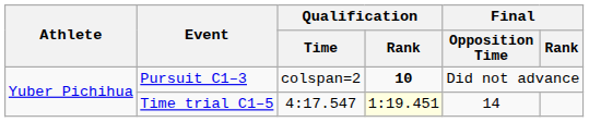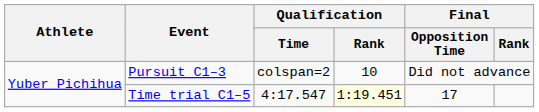 <table class=wikitable style="font-size:90%">
 <tr>
 <th rowspan="2">Athlete</th>
 <th rowspan="2">Event</th>
 <th colspan="2">Qualification</th>
 <th colspan="2">Final</th>
 </tr>
 <tr style="font-size:95%">
 <th>Time</th>
 <th>Rank</th>
 <th>Opposition<br>Time</th>
 <th>Rank</th>
 </tr>
 <tr align=center>
 <td align=left rowspan=2><a href='#'>Yuber Pichihua</a></td>
 <td align=left><a href='#'>Pursuit C1–3</a></td>
 <td>colspan=2 </td>
-<td><strong>10</strong></td>
+<td>10</td>
 <td colspan=2>Did not advance</td>
 </tr>
 <tr align=center>
 <td align=left><a href='#'>Time trial C1–5</a></td>
 <td>4:17.547</td>
 <td style="background: lightyellow;">1:19.451</td>
-<td>14</td>
+<td>17</td>
 </tr>
 </table>
